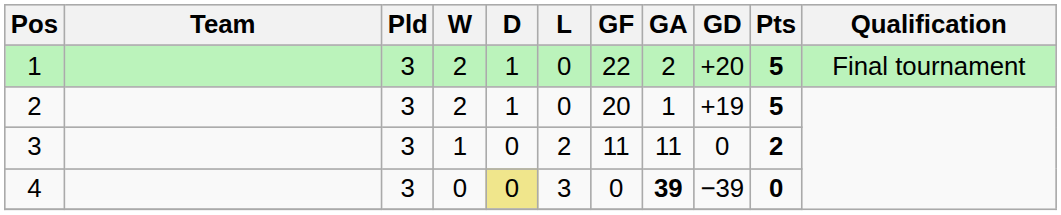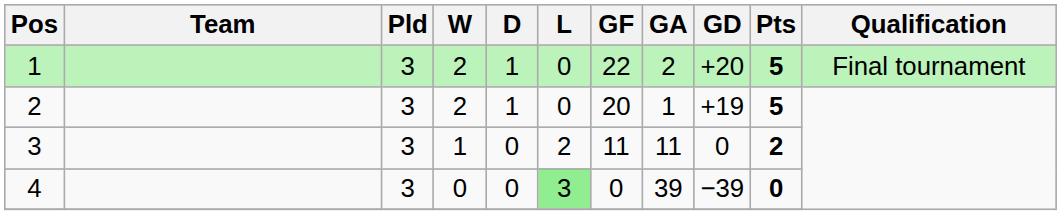 <table class="wikitable" border="1" style="text-align: center;">
 <tr>
 <th width="25"><abbr>Pos</abbr></th>
 <th width="190">Team</th>
 <th width="25"><abbr>Pld</abbr></th>
 <th width="25"><abbr>W</abbr></th>
 <th width="25"><abbr>D</abbr></th>
 <th width="25"><abbr>L</abbr></th>
 <th width="25"><abbr>GF</abbr></th>
 <th width="25"><abbr>GA</abbr></th>
 <th width="25"><abbr>GD</abbr></th>
 <th width="25"><abbr>Pts</abbr></th>
 <th width="150">Qualification</th>
 </tr>
 <tr bgcolor = #BBF3BB>
 <td>1</td>
 <td align="left"></td>
 <td>3</td>
 <td>2</td>
 <td>1</td>
 <td>0</td>
 <td>22</td>
 <td>2</td>
 <td>+20</td>
 <td><strong>5</strong></td>
 <td>Final tournament</td>
 </tr>
 <tr>
 <td>2</td>
 <td align="left"></td>
 <td>3</td>
 <td>2</td>
 <td>1</td>
 <td>0</td>
 <td>20</td>
 <td>1</td>
 <td>+19</td>
 <td><strong>5</strong></td>
 </tr>
 <tr>
 <td>3</td>
 <td align="left"></td>
 <td>3</td>
 <td>1</td>
 <td>0</td>
 <td>2</td>
 <td>11</td>
 <td>11</td>
 <td>0</td>
 <td><strong>2</strong></td>
 </tr>
 <tr>
 <td>4</td>
 <td align="left"></td>
 <td>3</td>
 <td>0</td>
-<td style="background: khaki;">0</td>
-<td>3</td>
 <td>0</td>
-<td><strong>39</strong></td>
+<td style="background: lightgreen;">3</td>
+<td>0</td>
+<td>39</td>
 <td>−39</td>
 <td><strong>0</strong></td>
 </tr>
 <tr>
 </tr>
 </table>
